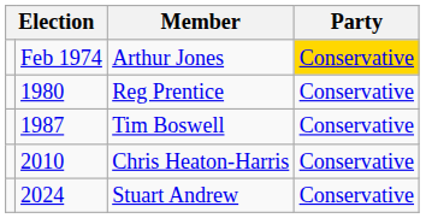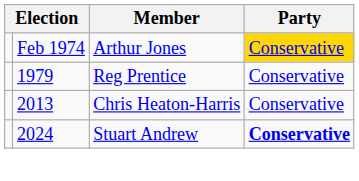 <table class="wikitable">
 <tr>
 <th colspan="2">Election</th>
 <th>Member</th>
 <th>Party</th>
 </tr>
 <tr>
 <td style="color:inherit;background-color: "></td>
 <td><a href='#'>Feb 1974</a></td>
 <td><a href='#'>Arthur Jones</a></td>
 <td style="background: gold;"><a href='#'>Conservative</a></td>
 </tr>
 <tr>
 <td style="color:inherit;background-color: "></td>
-<td><a href='#'>1980</a></td>
+<td><a href='#'>1979</a></td>
 <td><a href='#'>Reg Prentice</a></td>
 <td><a href='#'>Conservative</a></td>
 </tr>
 <tr>
 <td style="color:inherit;background-color: "></td>
-<td><a href='#'>1987</a></td>
-<td><a href='#'>Tim Boswell</a></td>
-<td><a href='#'>Conservative</a></td>
-</tr>
-<tr>
-<td style="color:inherit;background-color: "></td>
-<td><a href='#'>2010</a></td>
+<td><a href='#'>2013</a></td>
 <td><a href='#'>Chris Heaton-Harris</a></td>
 <td><a href='#'>Conservative</a></td>
 </tr>
 <tr>
 <td style="color:inherit;background-color: "></td>
 <td><a href='#'>2024</a></td>
 <td><a href='#'>Stuart Andrew</a></td>
-<td><a href='#'>Conservative</a></td>
+<td><strong><a href='#'>Conservative</a></strong></td>
 </tr>
 </table>
